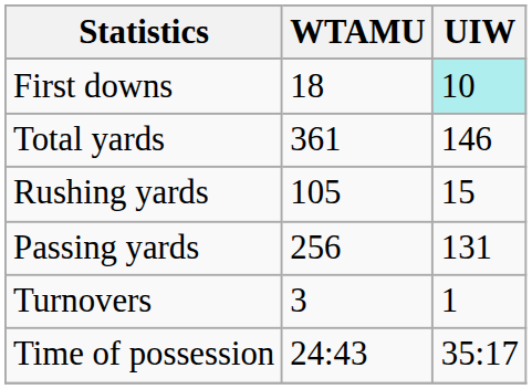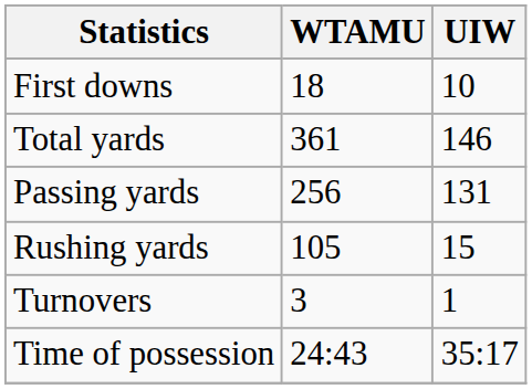 <table class="wikitable">
 <tr>
 <th>Statistics</th>
 <th>WTAMU</th>
 <th>UIW</th>
 </tr>
 <tr>
 <td>First downs</td>
 <td>18</td>
-<td style="background: paleturquoise;">10</td>
+<td>10</td>
 </tr>
 <tr>
 <td>Total yards</td>
 <td>361</td>
 <td>146</td>
 </tr>
 <tr>
+<td>Passing yards</td>
+<td>256</td>
+<td>131</td>
+</tr>
+<tr>
 <td>Rushing yards</td>
 <td>105</td>
 <td>15</td>
-</tr>
-<tr>
-<td>Passing yards</td>
-<td>256</td>
-<td>131</td>
 </tr>
 <tr>
 <td>Turnovers</td>
 <td>3</td>
 <td>1</td>
 </tr>
 <tr>
 <td>Time of possession</td>
 <td>24:43</td>
 <td>35:17</td>
 </tr>
 <tr>
 </tr>
 </table>
